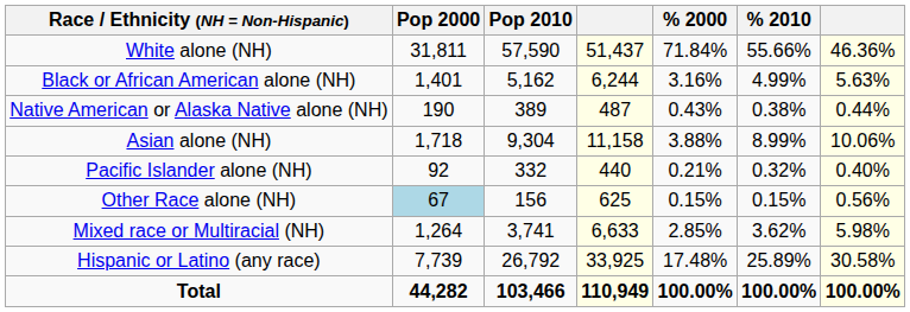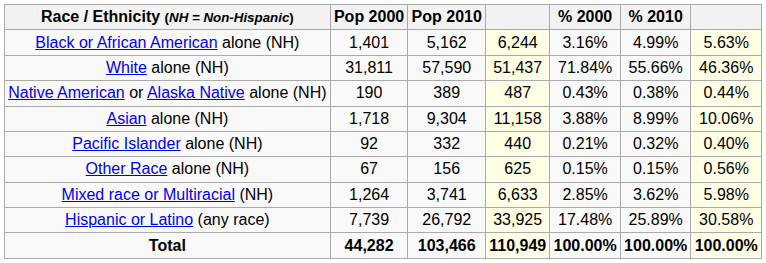 <table class="wikitable" style="text-align:center;">
 <tr>
 <th>Race / Ethnicity <small>(<em>NH = Non-Hispanic</em>)</small></th>
 <th>Pop 2000</th>
 <th>Pop 2010</th>
 <th></th>
 <th>% 2000</th>
 <th>% 2010</th>
 <th></th>
 </tr>
 <tr>
+<td><a href='#'>Black or African American</a> alone (NH)</td>
+<td>1,401</td>
+<td>5,162</td>
+<td style='background: #ffffe6;'>6,244</td>
+<td>3.16%</td>
+<td>4.99%</td>
+<td style='background: #ffffe6;'>5.63%</td>
+</tr>
+<tr>
 <td><a href='#'>White</a> alone (NH)</td>
 <td>31,811</td>
 <td>57,590</td>
 <td style='background: #ffffe6;'>51,437</td>
 <td>71.84%</td>
 <td>55.66%</td>
 <td style='background: #ffffe6;'>46.36%</td>
-</tr>
-<tr>
-<td><a href='#'>Black or African American</a> alone (NH)</td>
-<td>1,401</td>
-<td>5,162</td>
-<td style='background: #ffffe6;'>6,244</td>
-<td>3.16%</td>
-<td>4.99%</td>
-<td style='background: #ffffe6;'>5.63%</td>
 </tr>
 <tr>
 <td><a href='#'>Native American</a> or <a href='#'>Alaska Native</a> alone (NH)</td>
 <td>190</td>
 <td>389</td>
 <td style='background: #ffffe6;'>487</td>
 <td>0.43%</td>
 <td>0.38%</td>
 <td style='background: #ffffe6;'>0.44%</td>
 </tr>
 <tr>
 <td><a href='#'>Asian</a> alone (NH)</td>
 <td>1,718</td>
 <td>9,304</td>
 <td style='background: #ffffe6;'>11,158</td>
 <td>3.88%</td>
 <td>8.99%</td>
 <td style='background: #ffffe6;'>10.06%</td>
 </tr>
 <tr>
 <td><a href='#'>Pacific Islander</a> alone (NH)</td>
 <td>92</td>
 <td>332</td>
 <td style='background: #ffffe6;'>440</td>
 <td>0.21%</td>
 <td>0.32%</td>
 <td style='background: #ffffe6;'>0.40%</td>
 </tr>
 <tr>
 <td><a href='#'>Other Race</a> alone (NH)</td>
-<td style="background: lightblue;">67</td>
+<td>67</td>
 <td>156</td>
 <td style='background: #ffffe6;'>625</td>
 <td>0.15%</td>
 <td>0.15%</td>
 <td style='background: #ffffe6;'>0.56%</td>
 </tr>
 <tr>
 <td><a href='#'>Mixed race or Multiracial</a> (NH)</td>
 <td>1,264</td>
 <td>3,741</td>
 <td style='background: #ffffe6;'>6,633</td>
 <td>2.85%</td>
 <td>3.62%</td>
 <td style='background: #ffffe6;'>5.98%</td>
 </tr>
 <tr>
 <td><a href='#'>Hispanic or Latino</a> (any race)</td>
 <td>7,739</td>
 <td>26,792</td>
 <td style='background: #ffffe6;'>33,925</td>
 <td>17.48%</td>
 <td>25.89%</td>
 <td style='background: #ffffe6;'>30.58%</td>
 </tr>
 <tr>
 <td><strong>Total</strong></td>
 <td><strong>44,282</strong></td>
 <td><strong>103,466</strong></td>
 <td style='background: #ffffe6;'><strong>110,949</strong></td>
 <td><strong>100.00%</strong></td>
 <td><strong>100.00%</strong></td>
 <td style='background: #ffffe6;'><strong>100.00%</strong></td>
 </tr>
 </table>
